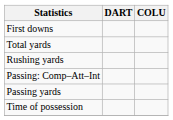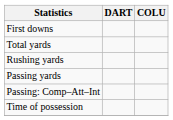 <table class="wikitable" style="float: left;">
 <tr>
 <th>Statistics</th>
 <th>DART</th>
 <th>COLU</th>
 </tr>
 <tr>
 <td>First downs</td>
 <td></td>
 <td></td>
 </tr>
 <tr>
 <td>Total yards</td>
 <td></td>
 <td></td>
 </tr>
 <tr>
 <td>Rushing yards</td>
 <td></td>
 <td></td>
 </tr>
 <tr>
-<td>Passing: Comp–Att–Int</td>
+<td>Passing yards</td>
 <td></td>
 <td></td>
 </tr>
 <tr>
-<td>Passing yards</td>
+<td>Passing: Comp–Att–Int</td>
 <td></td>
 <td></td>
 </tr>
 <tr>
 <td>Time of possession</td>
 <td></td>
 <td></td>
 </tr>
 <tr>
 </tr>
 </table>
